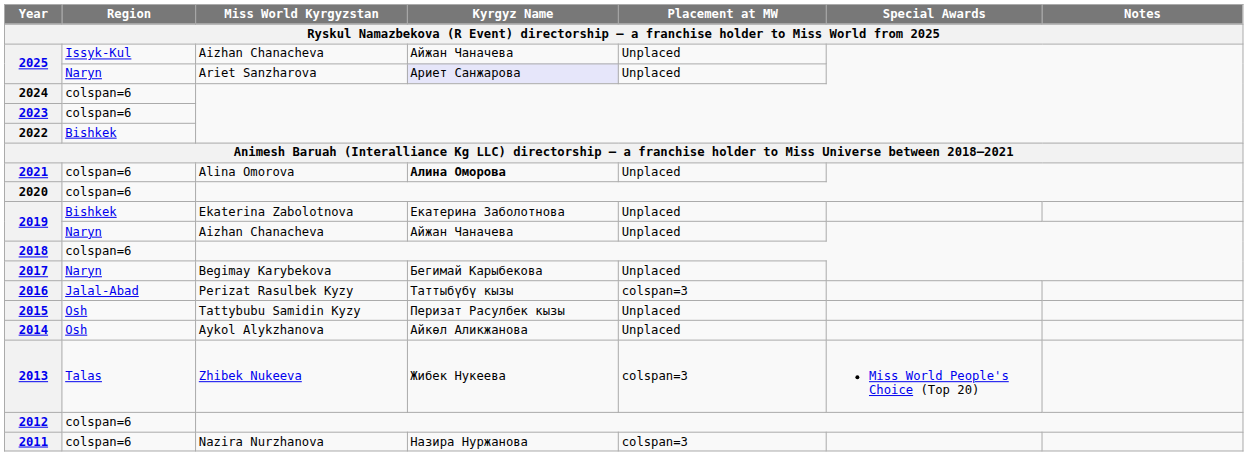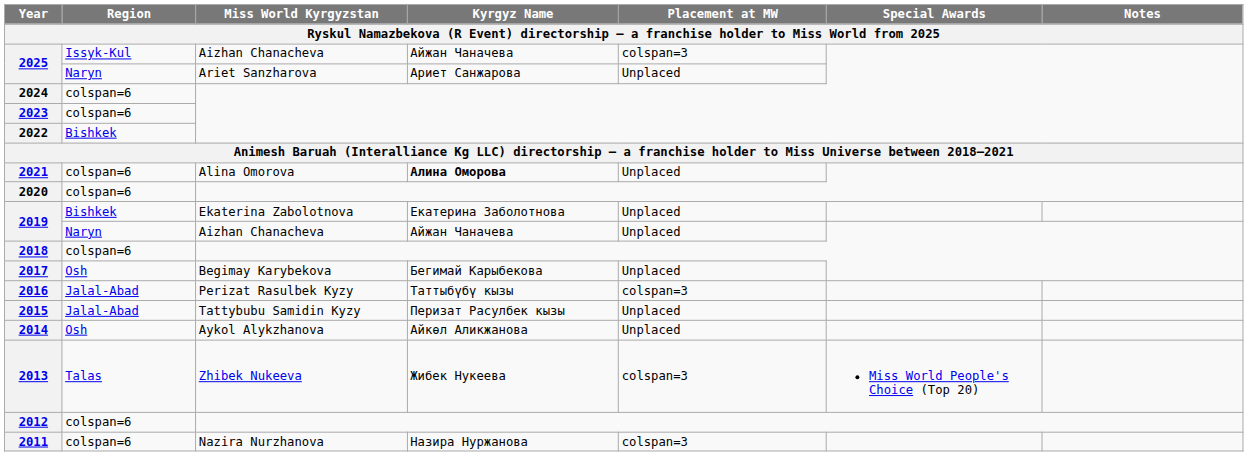 <table class="wikitable " style="font-size: 95%;">
 <tr>
 <th width="60" style="background-color:#787878;color:#FFFFFF;">Year</th>
 <th width="150" style="background-color:#787878;color:#FFFFFF;">Region</th>
 <th width="250" style="background-color:#787878;color:#FFFFFF;">Miss World Kyrgyzstan</th>
 <th width="250" style="background-color:#787878;color:#FFFFFF;">Kyrgyz Name</th>
 <th width="250" style="background-color:#787878;color:#FFFFFF;">Placement at MW</th>
 <th width="250" style="background-color:#787878;color:#FFFFFF;">Special Awards</th>
 <th width="250" style="background-color:#787878;color:#FFFFFF;">Notes</th>
 </tr>
 <tr>
 <th colspan="7">Ryskul Namazbekova (R Event) directorship — a franchise holder to Miss World from 2025</th>
 </tr>
 <tr>
 <th rowspan=2><a href='#'>2025</a></th>
 <td><a href='#'>Issyk-Kul</a></td>
 <td>Aizhan Chanacheva</td>
 <td>Айжан Чаначева</td>
-<td>Unplaced</td>
+<td>colspan=3 </td>
 </tr>
 <tr>
 <td><a href='#'>Naryn</a></td>
 <td>Ariet Sanzharova</td>
-<td style="background: lavender;">Ариет Санжарова</td>
+<td>Ариет Санжарова</td>
 <td>Unplaced</td>
 </tr>
 <tr>
 <th>2024</th>
 <td>colspan=6 </td>
 </tr>
 <tr>
 <th><a href='#'>2023</a></th>
 <td>colspan=6 </td>
 </tr>
 <tr>
 <th>2022</th>
 <td><a href='#'>Bishkek</a></td>
 </tr>
 <tr>
 <th colspan="7">Animesh Baruah (Interalliance Kg LLC) directorship — a franchise holder to Miss Universe between 2018―2021</th>
 </tr>
 <tr>
 <th><a href='#'>2021</a></th>
 <td>colspan=6 </td>
 <td>Alina Omorova</td>
 <td><strong>Алина Оморова</strong></td>
 <td>Unplaced</td>
 </tr>
 <tr>
 <th>2020</th>
 <td>colspan=6 </td>
 </tr>
 <tr>
 <th rowspan="2"><a href='#'>2019</a></th>
 <td><a href='#'>Bishkek</a></td>
 <td>Ekaterina Zabolotnova</td>
 <td>Екатерина Заболотнова</td>
 <td>Unplaced</td>
 <td></td>
 <td></td>
 </tr>
 <tr>
 <td><a href='#'>Naryn</a></td>
 <td>Aizhan Chanacheva</td>
 <td>Айжан Чаначева</td>
 <td>Unplaced</td>
 </tr>
 <tr>
 <th><a href='#'>2018</a></th>
 <td>colspan=6 </td>
 </tr>
 <tr>
 <th><a href='#'>2017</a></th>
-<td><a href='#'>Naryn</a></td>
+<td><a href='#'>Osh</a></td>
 <td>Begimay Karybekova</td>
 <td>Бегимай Карыбекова</td>
 <td>Unplaced</td>
 </tr>
 <tr>
 <th><a href='#'>2016</a></th>
 <td><a href='#'>Jalal-Abad</a></td>
 <td>Perizat Rasulbek Kyzy</td>
 <td>Таттыбүбү  кызы</td>
 <td>colspan=3 </td>
 <td></td>
 <td></td>
 </tr>
 <tr>
 <th><a href='#'>2015</a></th>
-<td><a href='#'>Osh</a></td>
+<td><a href='#'>Jalal-Abad</a></td>
 <td>Tattybubu Samidin Kyzy</td>
 <td>Перизат Расулбек кызы</td>
 <td>Unplaced</td>
 <td></td>
 <td></td>
 </tr>
 <tr>
 <th><a href='#'>2014</a></th>
 <td><a href='#'>Osh</a></td>
 <td>Aykol Alykzhanova</td>
 <td>Айкөл Аликжанова</td>
 <td>Unplaced</td>
 <td></td>
 <td></td>
 </tr>
 <tr>
 <th><a href='#'>2013</a></th>
 <td><a href='#'>Talas</a></td>
 <td><a href='#'>Zhibek Nukeeva</a></td>
 <td>Жибек Нукеева</td>
 <td>colspan=3 </td>
 <td align="left"><br><ul><li><a href='#'>Miss World People's Choice</a> (Top 20)</li></ul></td>
 <td></td>
 </tr>
 <tr>
 <th><a href='#'>2012</a></th>
 <td>colspan=6 </td>
 </tr>
 <tr>
 <th><a href='#'>2011</a></th>
 <td>colspan=6 </td>
 <td>Nazira Nurzhanova</td>
 <td>Назира Нуржанова</td>
 <td>colspan=3 </td>
 <td></td>
 <td></td>
 </tr>
 </table>
